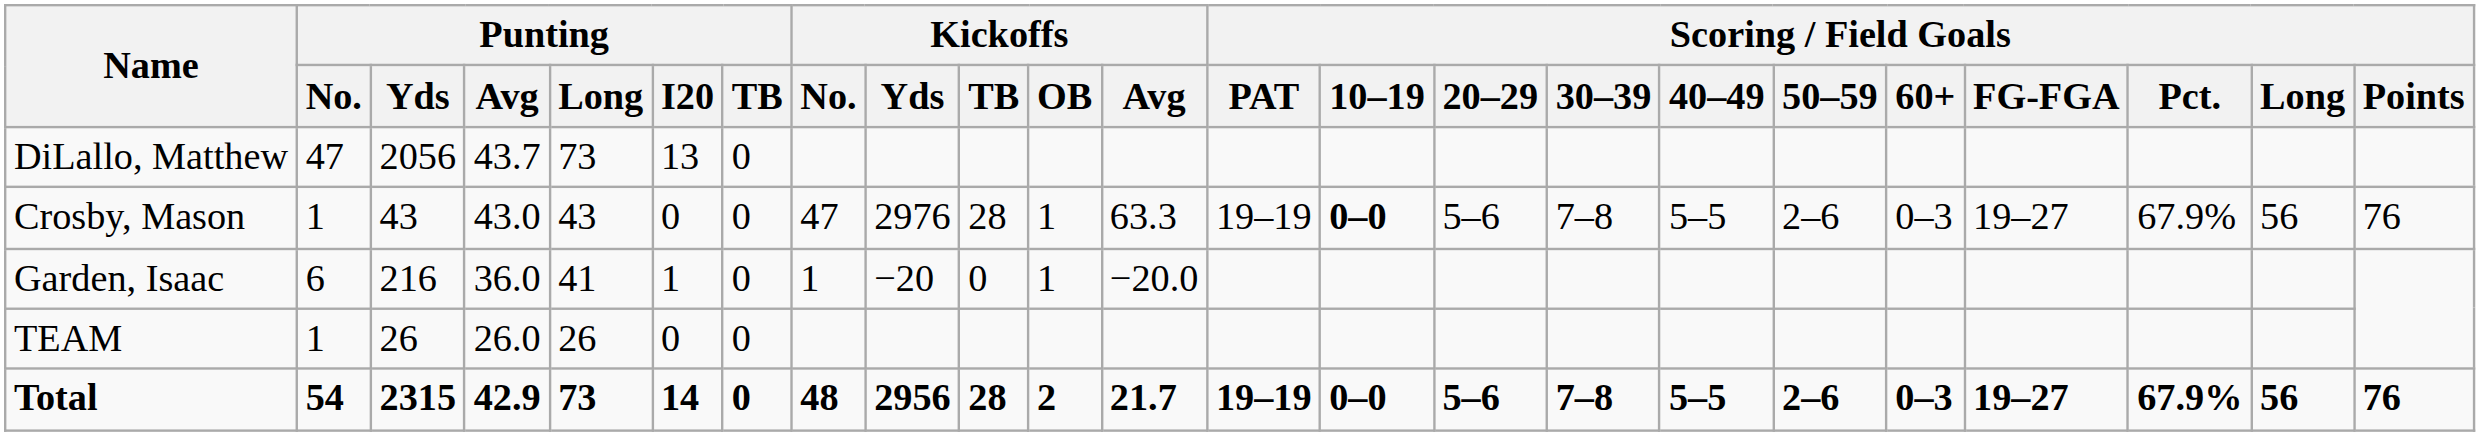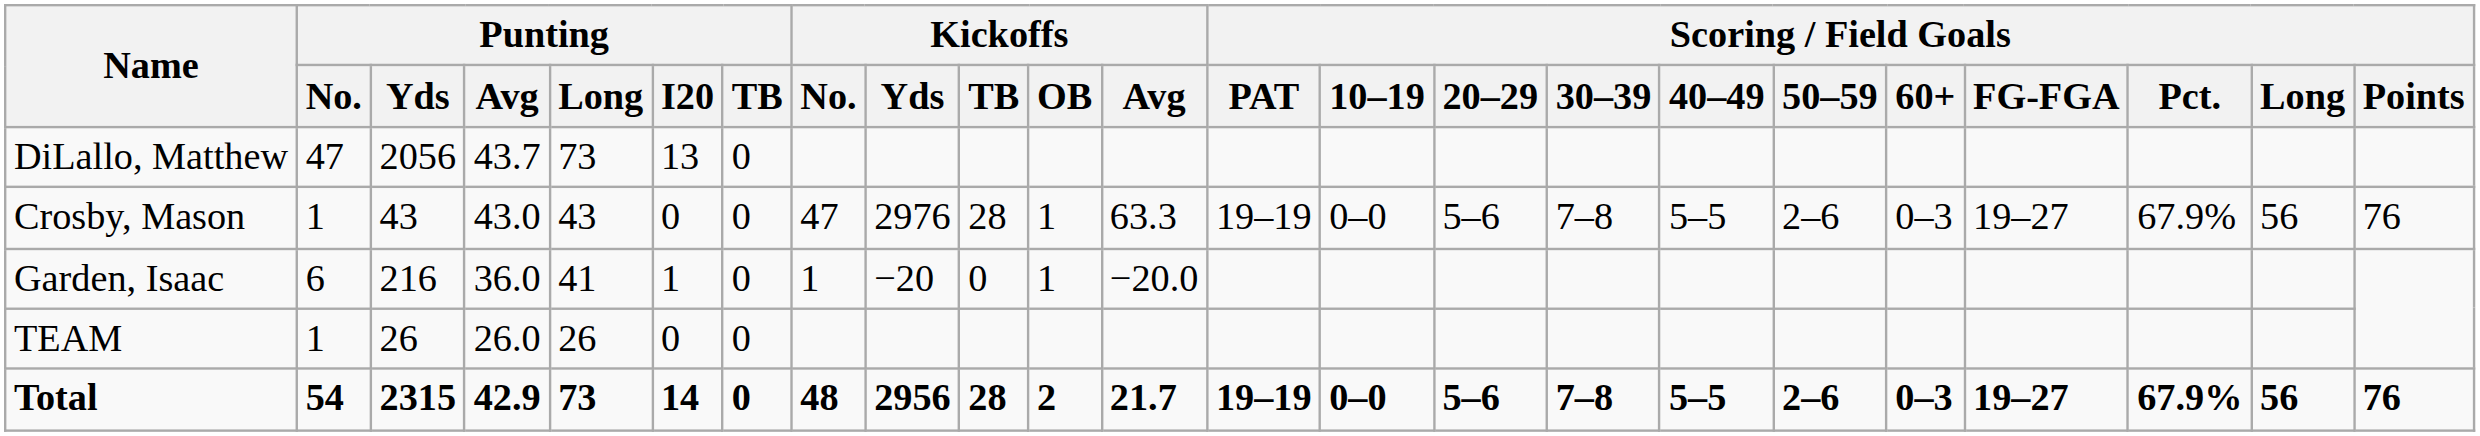 <table class="wikitable" style="white-space:nowrap;">
 <tr>
 <th rowspan="2">Name</th>
 <th colspan="6">Punting</th>
 <th colspan="5">Kickoffs</th>
 <th colspan="11">Scoring / Field Goals</th>
 </tr>
 <tr>
 <th>No.</th>
 <th>Yds</th>
 <th>Avg</th>
 <th>Long</th>
 <th>I20</th>
 <th>TB</th>
 <th>No.</th>
 <th>Yds</th>
 <th>TB</th>
 <th>OB</th>
 <th>Avg</th>
 <th>PAT</th>
 <th>10–19</th>
 <th>20–29</th>
 <th>30–39</th>
 <th>40–49</th>
 <th>50–59</th>
 <th>60+</th>
 <th>FG-FGA</th>
 <th>Pct.</th>
 <th>Long</th>
 <th>Points</th>
 </tr>
 <tr>
 <td>DiLallo, Matthew</td>
 <td>47</td>
 <td>2056</td>
 <td>43.7</td>
 <td>73</td>
 <td>13</td>
 <td>0</td>
 <td></td>
 <td></td>
 <td></td>
 <td></td>
 <td></td>
 <td></td>
 <td></td>
 <td></td>
 <td></td>
 <td></td>
 <td></td>
 <td></td>
 <td></td>
 <td></td>
 <td></td>
 </tr>
 <tr>
 <td>Crosby, Mason</td>
 <td>1</td>
 <td>43</td>
 <td>43.0</td>
 <td>43</td>
 <td>0</td>
 <td>0</td>
 <td>47</td>
 <td>2976</td>
 <td>28</td>
 <td>1</td>
 <td>63.3</td>
 <td>19–19</td>
-<td><strong>0–0</strong></td>
+<td>0–0</td>
 <td>5–6</td>
 <td>7–8</td>
 <td>5–5</td>
 <td>2–6</td>
 <td>0–3</td>
 <td>19–27</td>
 <td>67.9%</td>
 <td>56</td>
 <td>76</td>
 </tr>
 <tr>
 <td>Garden, Isaac</td>
 <td>6</td>
 <td>216</td>
 <td>36.0</td>
 <td>41</td>
 <td>1</td>
 <td>0</td>
 <td>1</td>
 <td>−20</td>
 <td>0</td>
 <td>1</td>
 <td>−20.0</td>
 <td></td>
 <td></td>
 <td></td>
 <td></td>
 <td></td>
 <td></td>
 <td></td>
 <td></td>
 <td></td>
 <td></td>
 </tr>
 <tr>
 <td>TEAM</td>
 <td>1</td>
 <td>26</td>
 <td>26.0</td>
 <td>26</td>
 <td>0</td>
 <td>0</td>
 <td></td>
 <td></td>
 <td></td>
 <td></td>
 <td></td>
 <td></td>
 <td></td>
 <td></td>
 <td></td>
 <td></td>
 <td></td>
 <td></td>
 <td></td>
 <td></td>
 <td></td>
 </tr>
 <tr style="font-weight:bold;">
 <td>Total</td>
 <td>54</td>
 <td>2315</td>
 <td>42.9</td>
 <td>73</td>
 <td>14</td>
 <td>0</td>
 <td>48</td>
 <td>2956</td>
 <td>28</td>
 <td>2</td>
 <td>21.7</td>
 <td>19–19</td>
 <td>0–0</td>
 <td>5–6</td>
 <td>7–8</td>
 <td>5–5</td>
 <td>2–6</td>
 <td>0–3</td>
 <td>19–27</td>
 <td>67.9%</td>
 <td>56</td>
 <td>76</td>
 </tr>
 </table>
